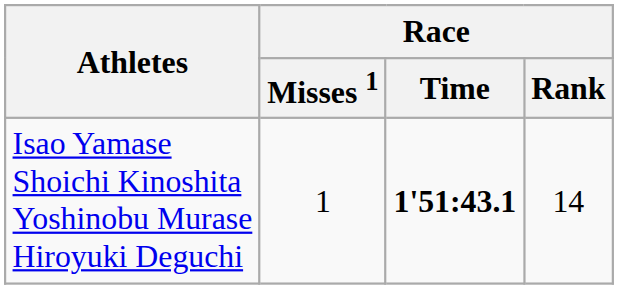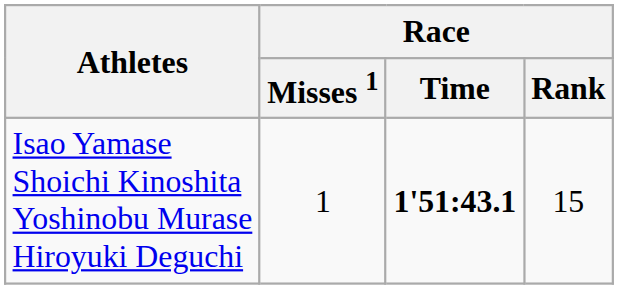 <table class="wikitable" border="1" style="font-size:90%">
 <tr>
 <th rowspan=2>Athletes</th>
 <th colspan=3>Race</th>
 </tr>
 <tr>
 <th>Misses <sup>1</sup></th>
 <th>Time</th>
 <th>Rank</th>
 </tr>
 <tr>
 <td><a href='#'>Isao Yamase</a><br><a href='#'>Shoichi Kinoshita</a><br><a href='#'>Yoshinobu Murase</a><br><a href='#'>Hiroyuki Deguchi</a></td>
 <td align=center>1</td>
 <td align=center><strong>1'51:43.1</strong></td>
-<td align=center>14</td>
+<td align=center>15</td>
 </tr>
 </table>
